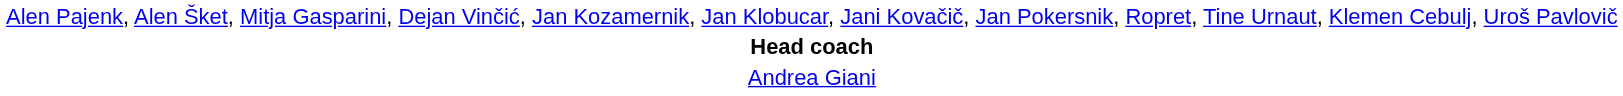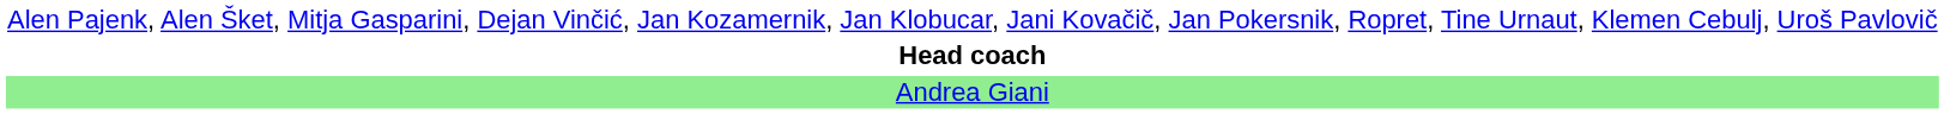 <table style="text-align: center; margin-top: 2em; margin-left: auto; margin-right: auto">
 <tr>
 <td><a href='#'>Alen Pajenk</a>, <a href='#'>Alen Šket</a>, <a href='#'>Mitja Gasparini</a>, <a href='#'>Dejan Vinčić</a>, <a href='#'>Jan Kozamernik</a>, <a href='#'>Jan Klobucar</a>, <a href='#'>Jani Kovačič</a>, <a href='#'>Jan Pokersnik</a>, <a href='#'>Ropret</a>, <a href='#'>Tine Urnaut</a>, <a href='#'>Klemen Cebulj</a>, <a href='#'>Uroš Pavlovič</a></td>
 </tr>
 <tr>
 <td><strong>Head coach</strong></td>
 </tr>
 <tr>
-<td><a href='#'>Andrea Giani</a></td>
+<td style="background: lightgreen;"><a href='#'>Andrea Giani</a></td>
 </tr>
 </table>
